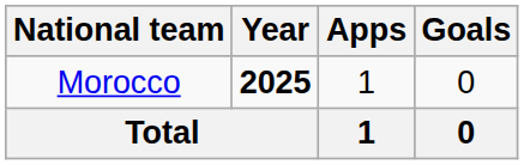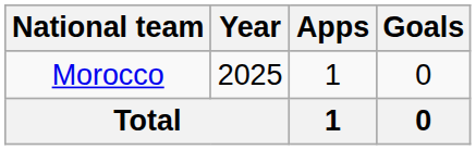 <table class="wikitable" style="text-align:center">
 <tr>
 <th>National team</th>
 <th>Year</th>
 <th>Apps</th>
 <th>Goals</th>
 </tr>
 <tr>
 <td rowspan="1"><a href='#'>Morocco</a></td>
-<td><strong>2025</strong></td>
+<td>2025</td>
 <td>1</td>
 <td>0</td>
 </tr>
 <tr>
 <th colspan="2">Total</th>
 <th>1</th>
 <th>0</th>
 </tr>
 </table>
